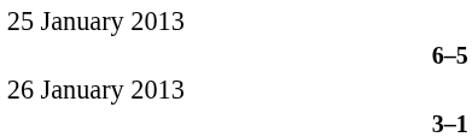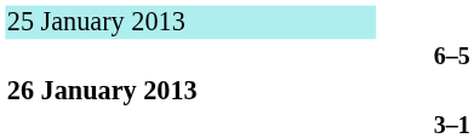 <table style="width:100%;" cellspacing="1">
 <tr>
 <th width=25%></th>
 <th width=10%></th>
 <th></th>
 </tr>
 <tr>
-<td>25 January 2013</td>
+<td style="background: paleturquoise;">25 January 2013</td>
 </tr>
 <tr style=font-size:90%>
 <td align=right><strong></strong></td>
 <td align=center><strong>6–5</strong></td>
 <td><strong></strong></td>
 </tr>
 <tr>
-<td>26 January 2013</td>
+<td><strong>26 January 2013</strong></td>
 </tr>
 <tr style=font-size:90%>
 <td align=right><strong></strong></td>
 <td align=center><strong>3–1</strong></td>
 <td><strong></strong></td>
 </tr>
 </table>
